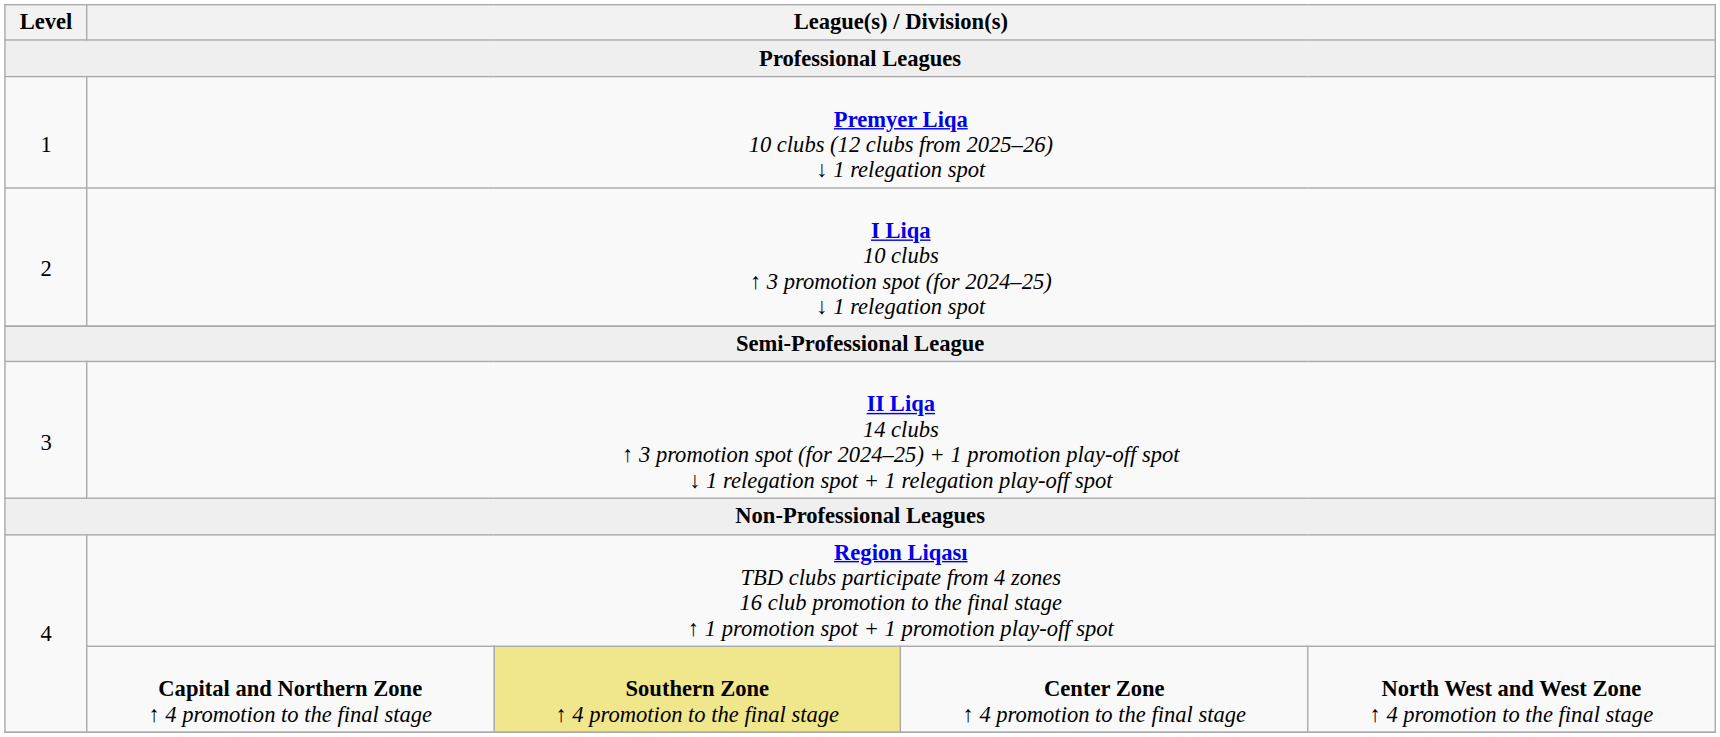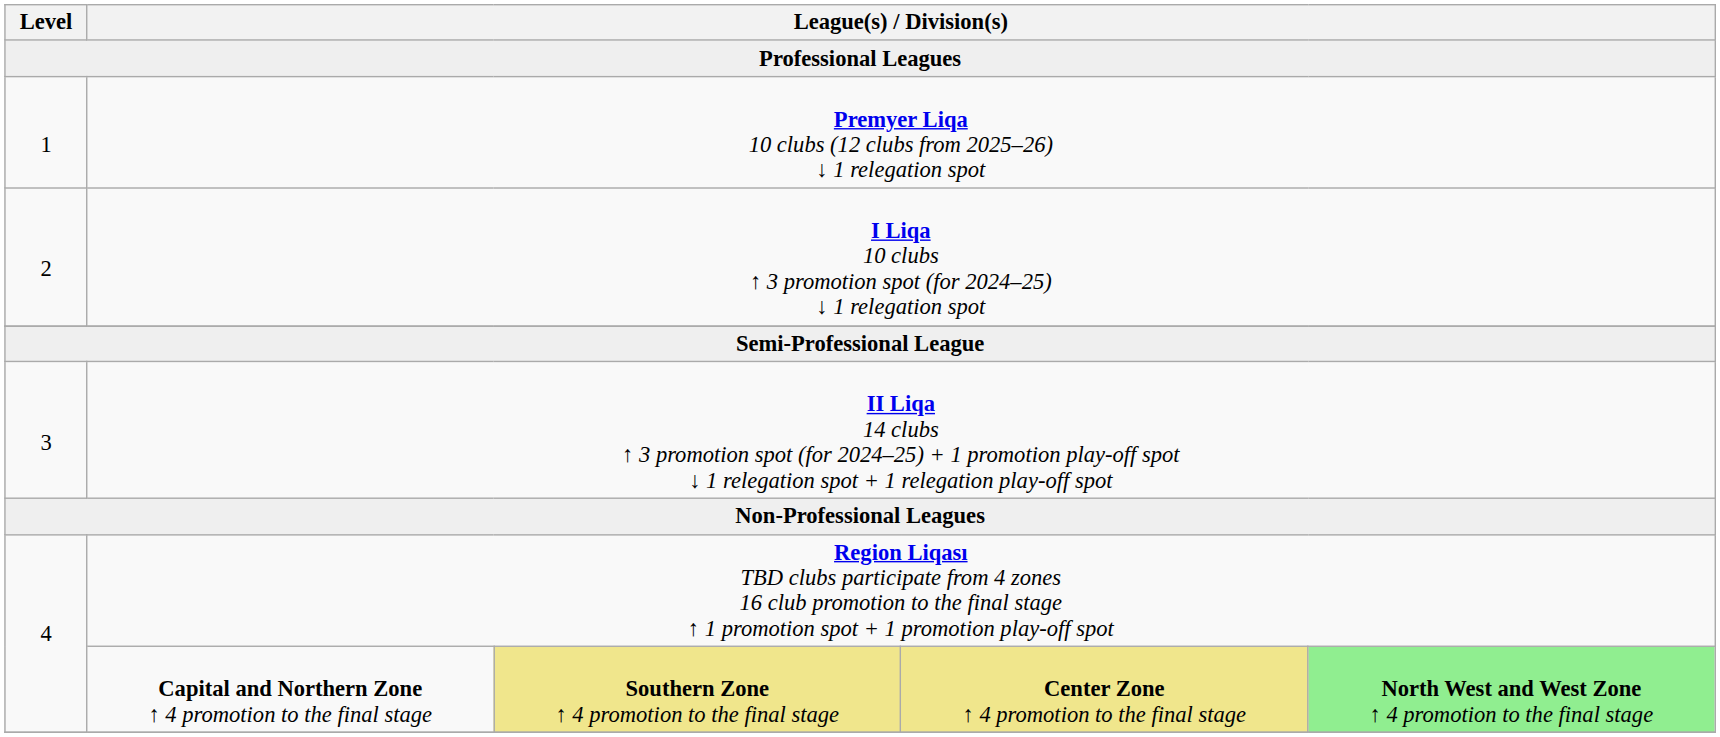 <table class="wikitable" style="margin:1em auto; text-align:center; width:96%;">
 <tr>
 <th width=4%>Level</th>
 <th colspan="6" width="96%">League(s) / Division(s)</th>
 </tr>
 <tr style="background:#efefef;">
 <td colspan="7" style="text-align:center"><strong>Professional Leagues</strong></td>
 </tr>
 <tr>
 <td><br>1</td>
 <td colspan="7"><br><strong><a href='#'>Premyer Liqa</a></strong><br><em>10 clubs (12 clubs from 2025–26)<br>↓ 1 relegation spot</em></td>
 </tr>
 <tr>
 <td><br>2</td>
 <td colspan="7"><br><strong><a href='#'>I Liqa</a></strong><br><em>10 clubs <br> ↑ 3 promotion spot (for 2024–25) <br> ↓ 1 relegation spot</em></td>
 </tr>
 <tr>
 </tr>
 <tr style="background:#efefef;">
 <td colspan="7" style="text-align:center"><strong>Semi-Professional League</strong></td>
 </tr>
 <tr>
 <td><br>3</td>
 <td colspan="7"><br><strong><a href='#'>II Liqa</a></strong><br><em>14 clubs <br> ↑ 3 promotion spot (for 2024–25) + 1 promotion play-off spot <br> ↓ 1 relegation spot + 1 relegation play-off spot</em></td>
 </tr>
 <tr style="background:#efefef;">
 <td colspan="7" style="text-align:center"><strong>Non-Professional Leagues</strong></td>
 </tr>
 <tr>
 <td rowspan="2">4</td>
 <td colspan="5"><strong><a href='#'>Region Liqası</a></strong><br><em>TBD clubs participate from 4 zones<br>16 club promotion to the final stage<br>↑ 1 promotion spot + 1 promotion play-off spot</em></td>
 </tr>
 <tr>
 <td width="20%"><br><strong>Capital and Northern Zone</strong><br> <em>↑ 4 promotion to the final stage</em></td>
 <td width="20%" style="background: khaki;"><br><strong>Southern Zone</strong><br> <em>↑ 4 promotion to the final stage</em></td>
-<td width="20%"><br><strong>Center Zone</strong><br> <em>↑ 4 promotion to the final stage</em></td>
-<td width="20%"><br><strong>North West and West Zone</strong><br> <em>↑ 4 promotion to the final stage</em></td>
+<td width="20%" style="background: khaki;"><br><strong>Center Zone</strong><br> <em>↑ 4 promotion to the final stage</em></td>
+<td width="20%" style="background: lightgreen;"><br><strong>North West and West Zone</strong><br> <em>↑ 4 promotion to the final stage</em></td>
 </tr>
 <tr>
 </tr>
 </table>
